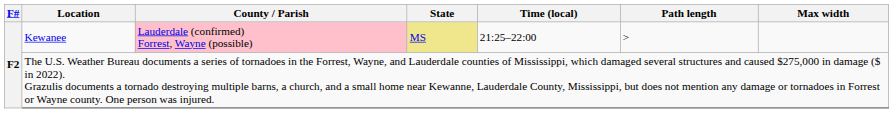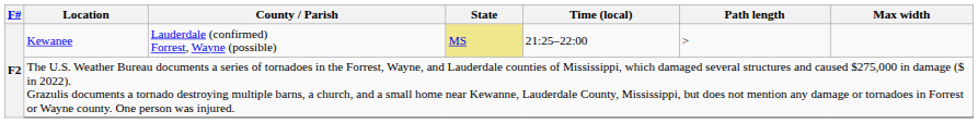 <table class="wikitable sortable" style="width:100%;">
 <tr>
 <th scope="col" align="center"><a href='#'>F#</a><br></th>
 <th scope="col" align="center" class="unsortable">Location</th>
 <th scope="col" align="center" class="unsortable">County / Parish</th>
 <th scope="col" align="center">State</th>
 <th scope="col" align="center">Time (local)</th>
 <th scope="col" align="center">Path length</th>
 <th scope="col" align="center">Max width</th>
 </tr>
 <tr>
 <th scope="row" rowspan="2" style="background-color:#">F2</th>
 <td><a href='#'>Kewanee</a></td>
-<td style="background: pink;"><a href='#'>Lauderdale</a> (confirmed)<br><a href='#'>Forrest</a>, <a href='#'>Wayne</a> (possible)</td>
+<td><a href='#'>Lauderdale</a> (confirmed)<br><a href='#'>Forrest</a>, <a href='#'>Wayne</a> (possible)</td>
 <td style="background: khaki;"><a href='#'>MS</a></td>
 <td>21:25–22:00</td>
 <td>></td>
 <td></td>
 </tr>
 <tr class="expand-child">
 <td colspan="6" style=" border-bottom: 1px solid black;">The U.S. Weather Bureau documents a series of tornadoes in the Forrest, Wayne, and Lauderdale counties of Mississippi, which damaged several structures and caused $275,000 in damage ($ in 2022). <br>Grazulis documents a tornado destroying multiple barns, a church, and a small home near Kewanne, Lauderdale County, Mississippi, but does not mention any damage or tornadoes in Forrest or Wayne county. One person was injured.</td>
 </tr>
 </table>
